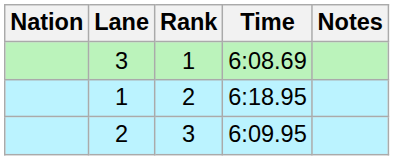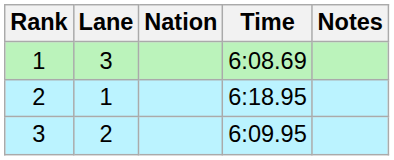 <table class="wikitable sortable" style="text-align:center">
 <tr>
+<th>Rank</th>
+<th>Lane</th>
 <th>Nation</th>
-<th>Lane</th>
-<th>Rank</th>
 <th>Time</th>
 <th>Notes</th>
 </tr>
 <tr bgcolor=bbf3bb>
+<td>1</td>
+<td>3</td>
 <td align=left></td>
-<td>3</td>
-<td>1</td>
 <td>6:08.69</td>
 <td align=center></td>
 </tr>
 <tr bgcolor=bbf3ff>
+<td>2</td>
+<td>1</td>
 <td align=left></td>
-<td>1</td>
-<td>2</td>
 <td>6:18.95</td>
 <td align=center></td>
 </tr>
 <tr bgcolor=bbf3ff>
+<td>3</td>
+<td>2</td>
 <td align=left></td>
-<td>2</td>
-<td>3</td>
 <td>6:09.95</td>
 <td align=center></td>
 </tr>
 </table>
